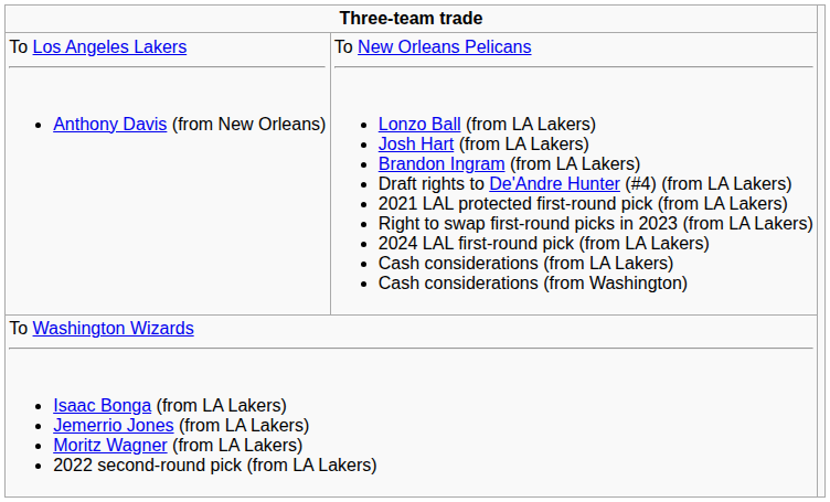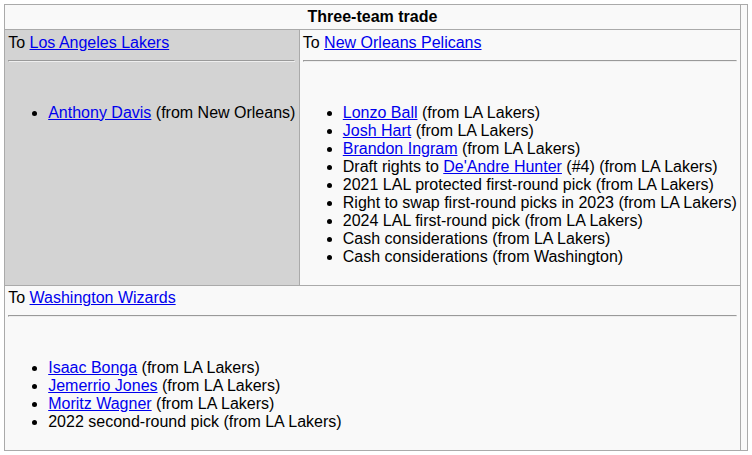 <table class="wikitable sortable sortable" style="text-align: center">
 <tr>
 <td colspan="2"><strong>Three-team trade</strong></td>
 <td rowspan="3"></td>
 </tr>
 <tr>
-<td align="left" valign="top">To <a href='#'>Los Angeles Lakers</a><hr><br><ul><li><a href='#'>Anthony Davis</a> (from New Orleans)</li></ul></td>
+<td align="left" valign="top" style="background: lightgrey;">To <a href='#'>Los Angeles Lakers</a><hr><br><ul><li><a href='#'>Anthony Davis</a> (from New Orleans)</li></ul></td>
 <td align="left" valign="top">To <a href='#'>New Orleans Pelicans</a><hr><br><ul><li><a href='#'>Lonzo Ball</a> (from LA Lakers)</li><li><a href='#'>Josh Hart</a> (from LA Lakers)</li><li><a href='#'>Brandon Ingram</a> (from LA Lakers)</li><li>Draft rights to <a href='#'>De'Andre Hunter</a> (#4) (from LA Lakers)</li><li>2021 LAL protected first-round pick (from LA Lakers)</li><li>Right to swap first-round picks in 2023 (from LA Lakers)</li><li>2024 LAL first-round pick (from LA Lakers)</li><li>Cash considerations (from LA Lakers)</li><li>Cash considerations (from Washington)</li></ul></td>
 </tr>
 <tr>
 <td colspan="2" style="text-align:left; vertical-align:top;">To <a href='#'>Washington Wizards</a><hr><br><ul><li><a href='#'>Isaac Bonga</a> (from LA Lakers)</li><li><a href='#'>Jemerrio Jones</a> (from LA Lakers)</li><li><a href='#'>Moritz Wagner</a> (from LA Lakers)</li><li>2022 second-round pick (from LA Lakers)</li></ul></td>
 </tr>
 </table>
